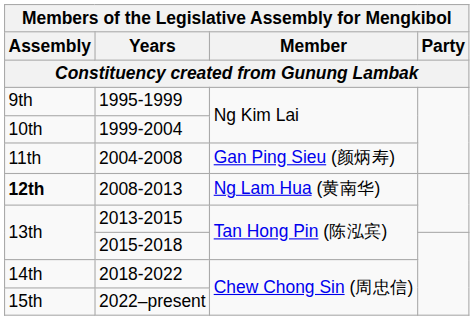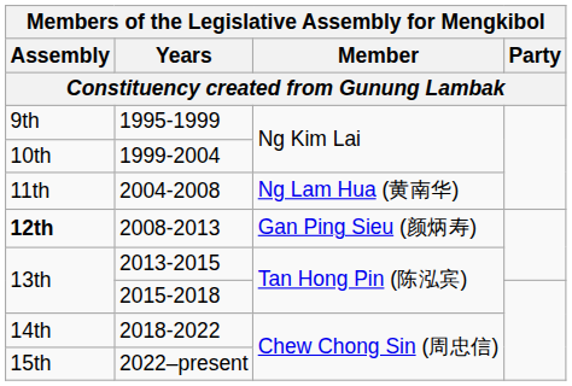 <table class=wikitable>
 <tr>
 <th colspan=4>Members of the Legislative Assembly for Mengkibol</th>
 </tr>
 <tr>
 <th>Assembly</th>
 <th>Years</th>
 <th>Member</th>
 <th>Party</th>
 </tr>
 <tr>
 <th colspan=4 align=center><em>Constituency created from Gunung Lambak</em></th>
 </tr>
 <tr>
 <td>9th</td>
 <td>1995-1999</td>
 <td rowspan="2">Ng Kim Lai</td>
 <td rowspan="3"></td>
 </tr>
 <tr>
 <td>10th</td>
 <td>1999-2004</td>
 </tr>
 <tr>
 <td>11th</td>
 <td>2004-2008</td>
-<td><a href='#'>Gan Ping Sieu</a> (颜炳寿)</td>
+<td><a href='#'>Ng Lam Hua</a> (黄南华)</td>
 </tr>
 <tr>
 <td><strong>12th</strong></td>
 <td>2008-2013</td>
-<td><a href='#'>Ng Lam Hua</a> (黄南华)</td>
+<td><a href='#'>Gan Ping Sieu</a> (颜炳寿)</td>
 <td rowspan=2></td>
 </tr>
 <tr>
 <td rowspan=2>13th</td>
 <td>2013-2015</td>
 <td rowspan=2><a href='#'>Tan Hong Pin</a> (陈泓宾)</td>
 </tr>
 <tr>
 <td>2015-2018</td>
 <td rowspan=3></td>
 </tr>
 <tr>
 <td>14th</td>
 <td>2018-2022</td>
 <td rowspan=2><a href='#'>Chew Chong Sin</a> (周忠信)</td>
 </tr>
 <tr>
 <td>15th</td>
 <td>2022–present</td>
 </tr>
 </table>
